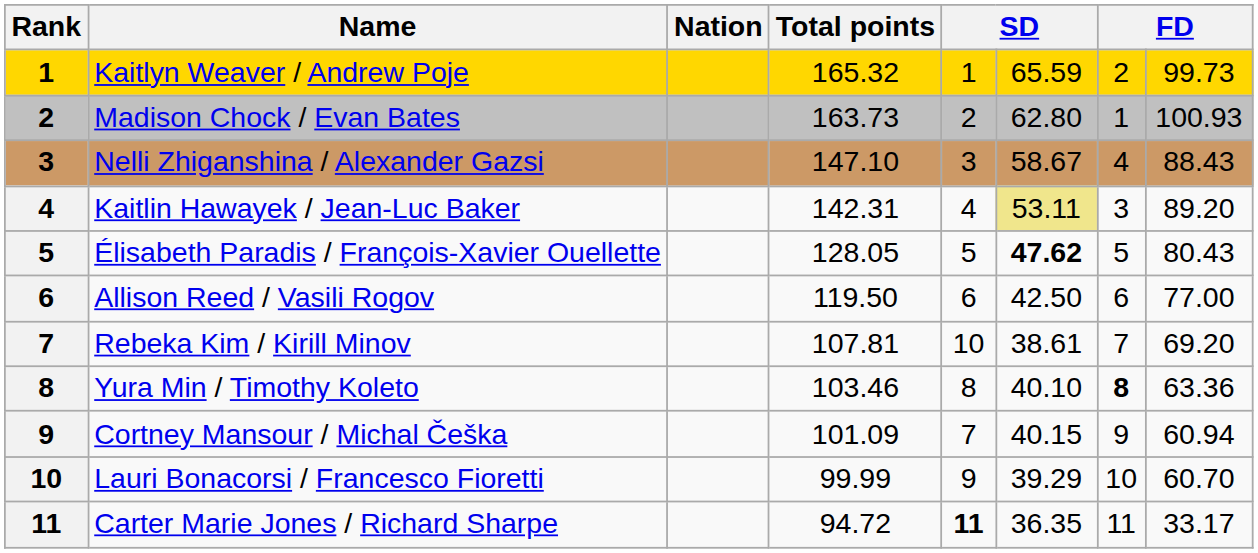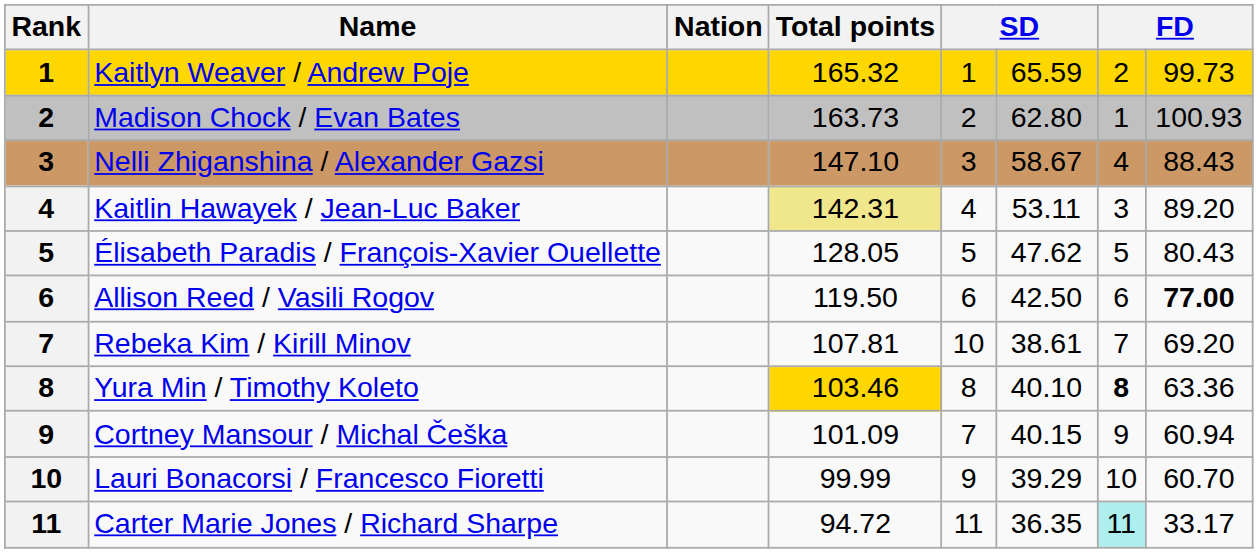 <table class="wikitable sortable">
 <tr>
 <th>Rank</th>
 <th>Name</th>
 <th>Nation</th>
 <th>Total points</th>
 <th colspan="2" width="80px"><a href='#'>SD</a></th>
 <th colspan="2" width="80px"><a href='#'>FD</a></th>
 </tr>
 <tr bgcolor="gold">
 <td align="center"><strong>1</strong></td>
 <td><a href='#'>Kaitlyn Weaver</a> / <a href='#'>Andrew Poje</a></td>
 <td></td>
 <td align="center">165.32</td>
 <td align="center">1</td>
 <td align="center">65.59</td>
 <td align="center">2</td>
 <td align="center">99.73</td>
 </tr>
 <tr bgcolor="silver">
 <td align="center"><strong>2</strong></td>
 <td><a href='#'>Madison Chock</a> / <a href='#'>Evan Bates</a></td>
 <td></td>
 <td align="center">163.73</td>
 <td align="center">2</td>
 <td align="center">62.80</td>
 <td align="center">1</td>
 <td align="center">100.93</td>
 </tr>
 <tr bgcolor="cc9966">
 <td align="center"><strong>3</strong></td>
 <td><a href='#'>Nelli Zhiganshina</a> / <a href='#'>Alexander Gazsi</a></td>
 <td></td>
 <td align="center">147.10</td>
 <td align="center">3</td>
 <td align="center">58.67</td>
 <td align="center">4</td>
 <td align="center">88.43</td>
 </tr>
 <tr>
 <th>4</th>
 <td><a href='#'>Kaitlin Hawayek</a> / <a href='#'>Jean-Luc Baker</a></td>
 <td></td>
-<td align="center">142.31</td>
+<td align="center" style="background: khaki;">142.31</td>
 <td align="center">4</td>
-<td align="center" style="background: khaki;">53.11</td>
+<td align="center">53.11</td>
 <td align="center">3</td>
 <td align="center">89.20</td>
 </tr>
 <tr>
 <th>5</th>
 <td><a href='#'>Élisabeth Paradis</a> / <a href='#'>François-Xavier Ouellette</a></td>
 <td></td>
 <td align="center">128.05</td>
 <td align="center">5</td>
-<td align="center"><strong>47.62</strong></td>
+<td align="center">47.62</td>
 <td align="center">5</td>
 <td align="center">80.43</td>
 </tr>
 <tr>
 <th>6</th>
 <td><a href='#'>Allison Reed</a> / <a href='#'>Vasili Rogov</a></td>
 <td></td>
 <td align="center">119.50</td>
 <td align="center">6</td>
 <td align="center">42.50</td>
 <td align="center">6</td>
-<td align="center">77.00</td>
+<td align="center"><strong>77.00</strong></td>
 </tr>
 <tr>
 <th>7</th>
 <td><a href='#'>Rebeka Kim</a> / <a href='#'>Kirill Minov</a></td>
 <td></td>
 <td align="center">107.81</td>
 <td align="center">10</td>
 <td align="center">38.61</td>
 <td align="center">7</td>
 <td align="center">69.20</td>
 </tr>
 <tr>
 <th>8</th>
 <td><a href='#'>Yura Min</a> / <a href='#'>Timothy Koleto</a></td>
 <td></td>
-<td align="center">103.46</td>
+<td align="center" style="background: gold;">103.46</td>
 <td align="center">8</td>
 <td align="center">40.10</td>
 <td align="center"><strong>8</strong></td>
 <td align="center">63.36</td>
 </tr>
 <tr>
 <th>9</th>
 <td><a href='#'>Cortney Mansour</a> / <a href='#'>Michal Češka</a></td>
 <td></td>
 <td align="center">101.09</td>
 <td align="center">7</td>
 <td align="center">40.15</td>
 <td align="center">9</td>
 <td align="center">60.94</td>
 </tr>
 <tr>
 <th>10</th>
 <td><a href='#'>Lauri Bonacorsi</a> / <a href='#'>Francesco Fioretti</a></td>
 <td></td>
 <td align="center">99.99</td>
 <td align="center">9</td>
 <td align="center">39.29</td>
 <td align="center">10</td>
 <td align="center">60.70</td>
 </tr>
 <tr>
 <th>11</th>
 <td><a href='#'>Carter Marie Jones</a> / <a href='#'>Richard Sharpe</a></td>
 <td></td>
 <td align="center">94.72</td>
-<td align="center"><strong>11</strong></td>
+<td align="center">11</td>
 <td align="center">36.35</td>
-<td align="center">11</td>
+<td align="center" style="background: paleturquoise;">11</td>
 <td align="center">33.17</td>
 </tr>
 </table>
